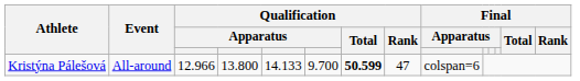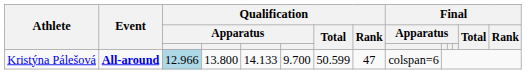 <table class="wikitable" style="font-size:90%">
 <tr>
 <th rowspan=3>Athlete</th>
 <th rowspan=3>Event</th>
 <th colspan =6>Qualification</th>
 <th colspan =6>Final</th>
 </tr>
 <tr style="font-size:95%">
 <th colspan=4>Apparatus</th>
 <th rowspan=2>Total</th>
 <th rowspan=2>Rank</th>
 <th colspan=4>Apparatus</th>
 <th rowspan=2>Total</th>
 <th rowspan=2>Rank</th>
 </tr>
 <tr style="font-size:95%">
 <th></th>
 <th></th>
 <th></th>
 <th></th>
 <th></th>
 <th></th>
 <th></th>
 <th></th>
 </tr>
 <tr align=center>
 <td align=left><a href='#'>Kristýna Pálešová</a></td>
-<td align=left><a href='#'>All-around</a></td>
-<td>12.966</td>
+<td align=left><strong><a href='#'>All-around</a></strong></td>
+<td style="background: lightblue;">12.966</td>
 <td>13.800</td>
 <td>14.133</td>
 <td>9.700</td>
-<td><strong>50.599</strong></td>
+<td>50.599</td>
 <td>47</td>
 <td>colspan=6 </td>
 </tr>
 </table>
